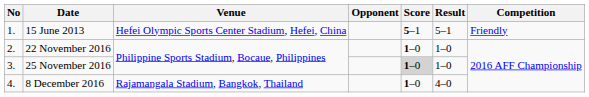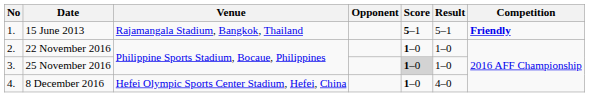 <table class="wikitable">
 <tr>
 <th>No</th>
 <th>Date</th>
 <th>Venue</th>
 <th>Opponent</th>
 <th>Score</th>
 <th>Result</th>
 <th>Competition</th>
 </tr>
 <tr>
 <td>1.</td>
 <td>15 June 2013</td>
-<td><a href='#'>Hefei Olympic Sports Center Stadium</a>, <a href='#'>Hefei</a>, <a href='#'>China</a></td>
+<td><a href='#'>Rajamangala Stadium</a>, <a href='#'>Bangkok</a>, <a href='#'>Thailand</a></td>
 <td></td>
 <td><strong>5</strong>–1</td>
 <td>5–1</td>
-<td><a href='#'>Friendly</a></td>
+<td><strong><a href='#'>Friendly</a></strong></td>
 </tr>
 <tr>
 <td>2.</td>
 <td>22 November 2016</td>
 <td rowspan=2><a href='#'>Philippine Sports Stadium</a>, <a href='#'>Bocaue</a>, <a href='#'>Philippines</a></td>
 <td></td>
 <td><strong>1</strong>–0</td>
 <td>1–0</td>
 <td rowspan=3><a href='#'>2016 AFF Championship</a></td>
 </tr>
 <tr>
 <td>3.</td>
 <td>25 November 2016</td>
 <td></td>
 <td style="background: lightgrey;"><strong>1</strong>–0</td>
 <td>1–0</td>
 </tr>
 <tr>
 <td>4.</td>
 <td>8 December 2016</td>
-<td><a href='#'>Rajamangala Stadium</a>, <a href='#'>Bangkok</a>, <a href='#'>Thailand</a></td>
+<td><a href='#'>Hefei Olympic Sports Center Stadium</a>, <a href='#'>Hefei</a>, <a href='#'>China</a></td>
 <td></td>
 <td><strong>1</strong>–0</td>
 <td>4–0</td>
 </tr>
 </table>
